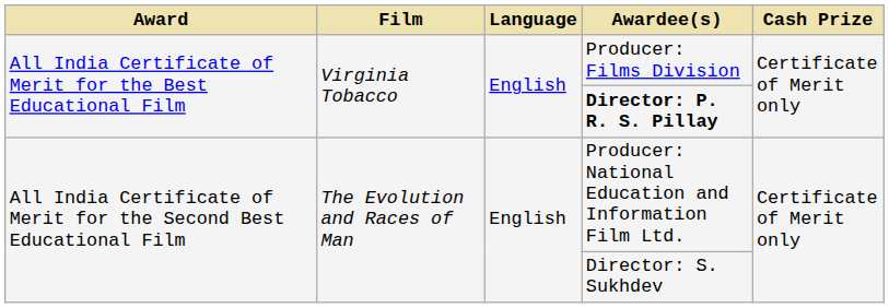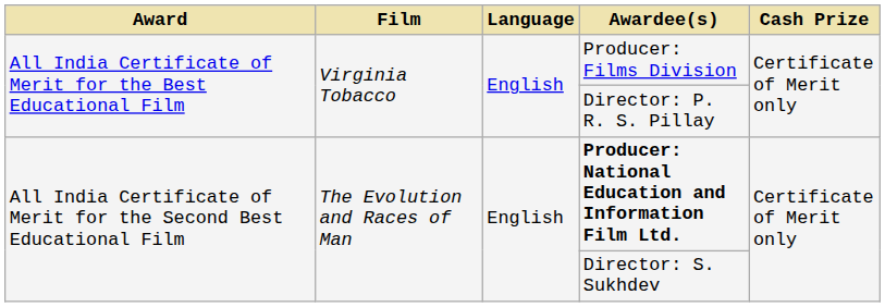 <table class="wikitable sortable" style="width:100%">
 <tr>
 <th style="background-color:#EFE4B0;width:38%;">Award</th>
 <th style="background-color:#EFE4B0;width:20%;">Film</th>
 <th style="background-color:#EFE4B0;width:7%;">Language</th>
 <th style="background-color:#EFE4B0;width:20%;">Awardee(s)</th>
 <th style="background-color:#EFE4B0;width:15%;">Cash Prize</th>
 </tr>
 <tr style="background-color:#F4F4F4">
 <td rowspan="2"><a href='#'>All India Certificate of Merit for the Best Educational Film</a></td>
 <td rowspan="2"><em>Virginia Tobacco</em></td>
 <td rowspan="2"><a href='#'>English</a></td>
 <td>Producer: <a href='#'>Films Division</a></td>
 <td rowspan="2">Certificate of Merit only</td>
 </tr>
 <tr style="background-color:#F4F4F4">
-<td><strong>Director: P. R. S. Pillay</strong></td>
+<td>Director: P. R. S. Pillay</td>
 </tr>
 <tr style="background-color:#F4F4F4">
 <td rowspan="2">All India Certificate of Merit for the Second Best Educational Film</td>
 <td rowspan="2"><em>The Evolution and Races of Man</em></td>
 <td rowspan="2">English</td>
-<td>Producer: National Education and Information Film Ltd.</td>
+<td><strong>Producer: National Education and Information Film Ltd.</strong></td>
 <td rowspan="2">Certificate of Merit only</td>
 </tr>
 <tr style="background-color:#F4F4F4">
 <td>Director: S. Sukhdev</td>
 </tr>
 </table>
